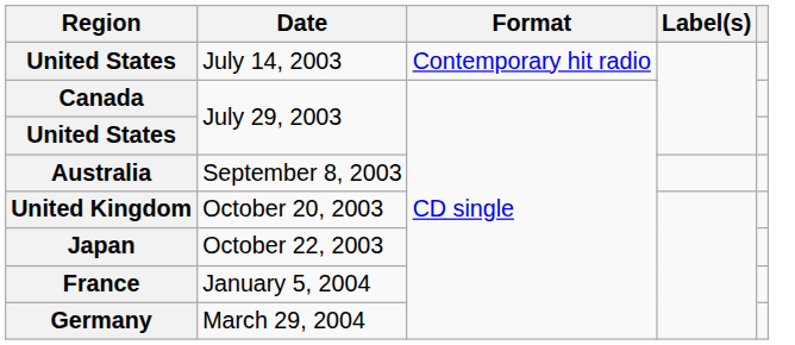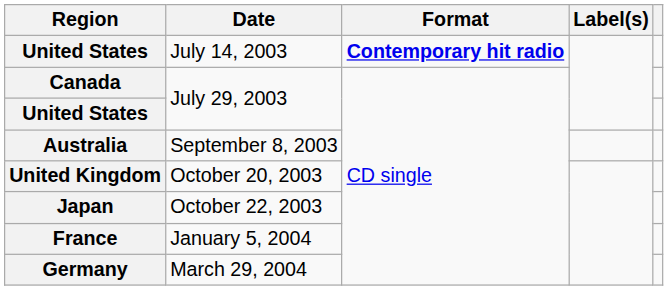 <table class="wikitable plainrowheaders">
 <tr>
 <th scope="col">Region</th>
 <th scope="col">Date</th>
 <th scope="col">Format</th>
 <th scope="col">Label(s)</th>
 <th scope="col"></th>
 </tr>
 <tr>
 <th scope="row">United States</th>
 <td>July 14, 2003</td>
-<td><a href='#'>Contemporary hit radio</a></td>
+<td><strong><a href='#'>Contemporary hit radio</a></strong></td>
 <td rowspan="3"></td>
 <td></td>
 </tr>
 <tr>
 <th scope="row">Canada</th>
 <td rowspan="2">July 29, 2003</td>
 <td rowspan="7"><a href='#'>CD single</a></td>
 <td></td>
 </tr>
 <tr>
 <th scope="row">United States</th>
 <td></td>
 </tr>
 <tr>
 <th scope="row">Australia</th>
 <td>September 8, 2003</td>
 <td></td>
 <td></td>
 </tr>
 <tr>
 <th scope="row">United Kingdom</th>
 <td>October 20, 2003</td>
 <td rowspan="4"></td>
 <td></td>
 </tr>
 <tr>
 <th scope="row">Japan</th>
 <td>October 22, 2003</td>
 <td></td>
 </tr>
 <tr>
 <th scope="row">France</th>
 <td>January 5, 2004</td>
 <td></td>
 </tr>
 <tr>
 <th scope="row">Germany</th>
 <td>March 29, 2004</td>
 <td></td>
 </tr>
 </table>
